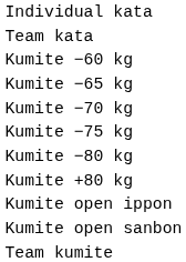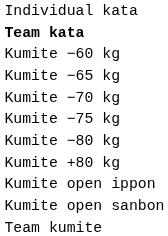 <table>
 <tr>
 <td>Individual kata</td>
 <td></td>
 <td></td>
 <td></td>
 </tr>
 <tr>
-<td>Team kata</td>
+<td><strong>Team kata</strong></td>
 <td></td>
 <td></td>
 <td></td>
 </tr>
 <tr>
 <td rowspan=2>Kumite −60 kg</td>
 <td rowspan=2></td>
 <td rowspan=2></td>
 <td></td>
 </tr>
 <tr>
 <td></td>
 </tr>
 <tr>
 <td rowspan=2>Kumite −65 kg</td>
 <td rowspan=2></td>
 <td rowspan=2></td>
 <td></td>
 </tr>
 <tr>
 <td></td>
 </tr>
 <tr>
 <td rowspan=2>Kumite −70 kg</td>
 <td rowspan=2></td>
 <td rowspan=2></td>
 <td></td>
 </tr>
 <tr>
 <td></td>
 </tr>
 <tr>
 <td rowspan=2>Kumite −75 kg</td>
 <td rowspan=2></td>
 <td rowspan=2></td>
 <td></td>
 </tr>
 <tr>
 <td></td>
 </tr>
 <tr>
 <td rowspan=2>Kumite −80 kg</td>
 <td rowspan=2></td>
 <td rowspan=2></td>
 <td></td>
 </tr>
 <tr>
 <td></td>
 </tr>
 <tr>
 <td rowspan=2>Kumite +80 kg</td>
 <td rowspan=2></td>
 <td rowspan=2></td>
 <td></td>
 </tr>
 <tr>
 <td></td>
 </tr>
 <tr>
 <td rowspan=2>Kumite open ippon</td>
 <td rowspan=2></td>
 <td rowspan=2></td>
 <td></td>
 </tr>
 <tr>
 <td></td>
 </tr>
 <tr>
 <td rowspan=2>Kumite open sanbon</td>
 <td rowspan=2></td>
 <td rowspan=2></td>
 <td></td>
 </tr>
 <tr>
 <td></td>
 </tr>
 <tr>
 <td rowspan=2>Team kumite</td>
 <td rowspan=2></td>
 <td rowspan=2></td>
 <td></td>
 </tr>
 <tr>
 <td></td>
 </tr>
 </table>
